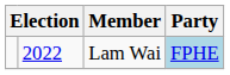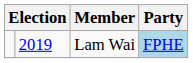 <table class="wikitable">
 <tr>
 <th colspan="2">Election</th>
 <th>Member</th>
 <th>Party</th>
 </tr>
 <tr>
 <td style="color:inherit;background:"></td>
-<td><a href='#'>2022</a></td>
+<td><a href='#'>2019</a></td>
 <td>Lam Wai</td>
 <td style="background: lightblue;"><a href='#'>FPHE</a></td>
 </tr>
 <tr>
 </tr>
 </table>
